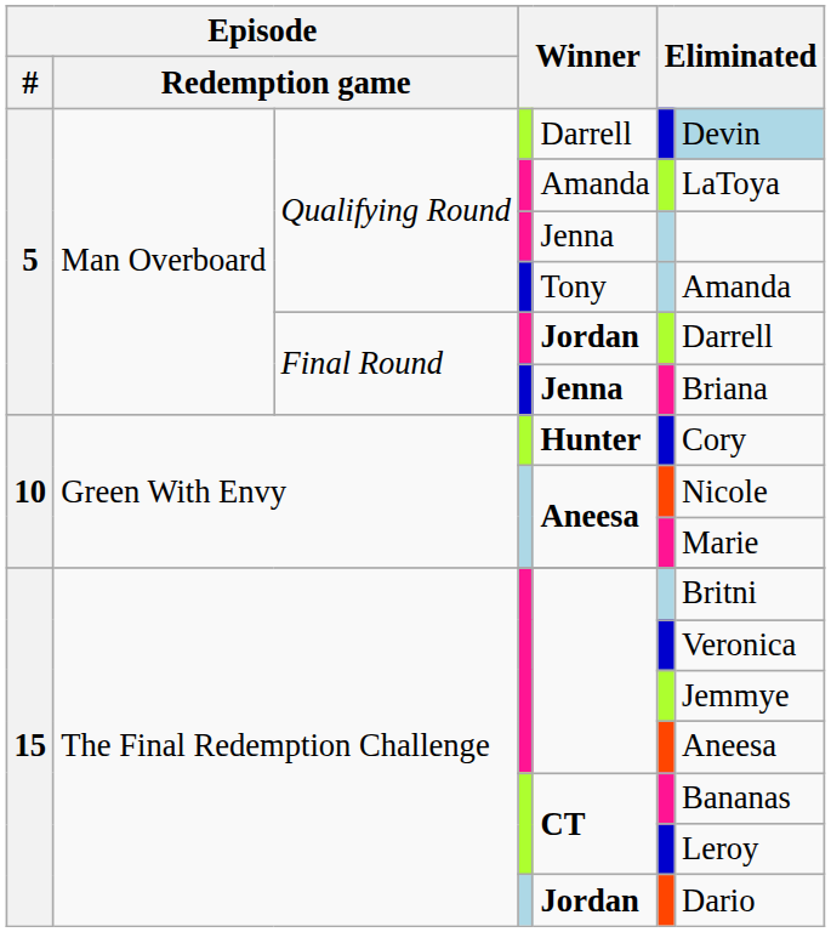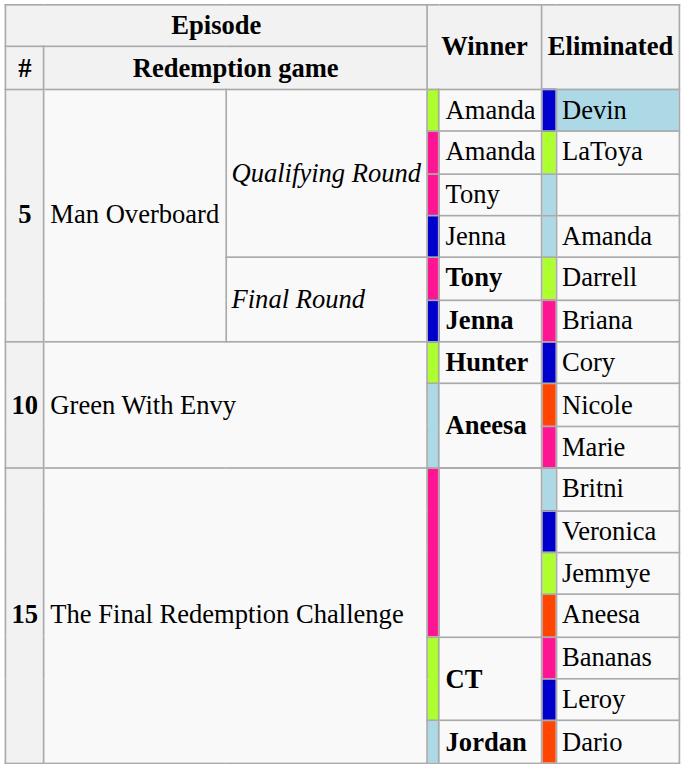 <table class="wikitable" style="float:center; margin:10px" style="text-align:left">
 <tr>
 <th colspan="3">Episode</th>
 <th colspan="2" rowspan="2">Winner</th>
 <th colspan="2" rowspan="2">Eliminated</th>
 </tr>
 <tr>
 <th>#</th>
 <th colspan="2">Redemption game</th>
 </tr>
 <tr>
 <th rowspan="6">5</th>
 <td rowspan="6">Man Overboard</td>
 <td rowspan="4"><em>Qualifying Round</em></td>
 <td bgcolor="greenyellow"></td>
-<td>Darrell</td>
+<td>Amanda</td>
 <td bgcolor="mediumblue"></td>
 <td style="background: lightblue;">Devin</td>
 </tr>
 <tr>
 <td bgcolor="deeppink"></td>
 <td>Amanda</td>
 <td bgcolor="greenyellow"></td>
 <td>LaToya</td>
 </tr>
 <tr>
 <td bgcolor="deeppink"></td>
-<td>Jenna</td>
+<td>Tony</td>
 <td bgcolor="lightblue"></td>
 <td></td>
 </tr>
 <tr>
 <td bgcolor="mediumblue"></td>
-<td>Tony</td>
+<td>Jenna</td>
 <td bgcolor="lightblue"></td>
 <td>Amanda</td>
 </tr>
 <tr>
 <td rowspan="2"><em>Final Round</em></td>
 <td bgcolor="deeppink"></td>
-<td><strong>Jordan</strong></td>
+<td><strong>Tony</strong></td>
 <td bgcolor="greenyellow"></td>
 <td>Darrell</td>
 </tr>
 <tr>
 <td bgcolor="mediumblue"></td>
 <td><strong>Jenna</strong></td>
 <td bgcolor="deeppink"></td>
 <td>Briana</td>
 </tr>
 <tr>
 <th rowspan="3">10</th>
 <td rowspan="3" colspan="2">Green With Envy</td>
 <td bgcolor="greenyellow"></td>
 <td><strong>Hunter</strong></td>
 <td bgcolor="mediumblue"></td>
 <td>Cory</td>
 </tr>
 <tr>
 <td rowspan="2" bgcolor="lightblue"></td>
 <td rowspan="2"><strong>Aneesa</strong></td>
 <td bgcolor="orangered"></td>
 <td>Nicole</td>
 </tr>
 <tr>
 <td bgcolor="deeppink"></td>
 <td>Marie</td>
 </tr>
 <tr>
 <th rowspan="8">15</th>
 <td rowspan="8" colspan="2">The Final Redemption Challenge</td>
 </tr>
 <tr>
 <td rowspan="4" bgcolor="deeppink"></td>
 <td rowspan="4"></td>
 <td bgcolor="lightblue"></td>
 <td>Britni</td>
 </tr>
 <tr>
 <td bgcolor="mediumblue"></td>
 <td>Veronica</td>
 </tr>
 <tr>
 <td bgcolor="greenyellow"></td>
 <td>Jemmye</td>
 </tr>
 <tr>
 <td bgcolor="orangered"></td>
 <td>Aneesa</td>
 </tr>
 <tr>
 <td rowspan="2" bgcolor="greenyellow"></td>
 <td rowspan="2"><strong>CT</strong></td>
 <td bgcolor="deeppink"></td>
 <td>Bananas</td>
 </tr>
 <tr>
 <td bgcolor="mediumblue"></td>
 <td>Leroy</td>
 </tr>
 <tr>
 <td bgcolor="lightblue"></td>
 <td><strong>Jordan</strong></td>
 <td bgcolor="orangered"></td>
 <td>Dario</td>
 </tr>
 </table>
